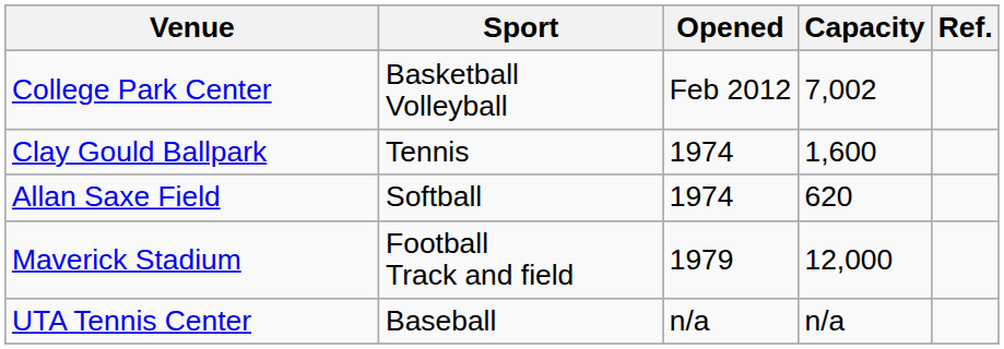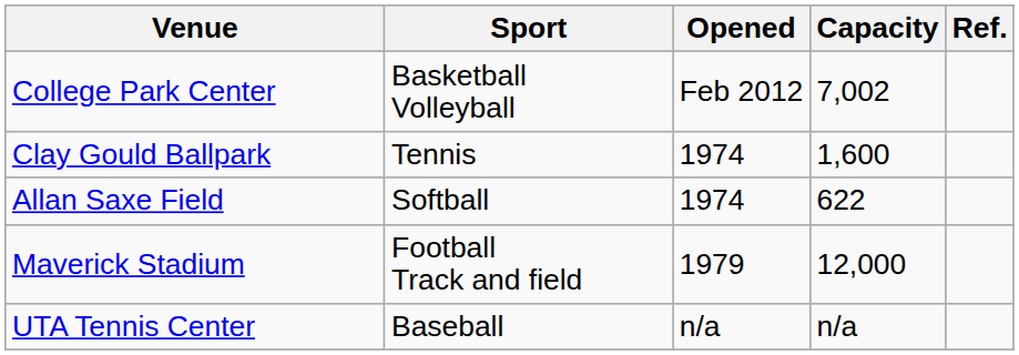 <table class="wikitable sortable"; style= "text-align: ">
 <tr>
 <th width=200px>Venue</th>
 <th width=150px>Sport</th>
 <th width=px>Opened</th>
 <th width=px>Capacity</th>
 <th width=px>Ref.</th>
 </tr>
 <tr>
 <td><a href='#'>College Park Center</a></td>
 <td>Basketball <br>Volleyball </td>
 <td>Feb 2012</td>
 <td>7,002</td>
 <td></td>
 </tr>
 <tr>
 <td><a href='#'>Clay Gould Ballpark</a> </td>
 <td>Tennis</td>
 <td>1974</td>
 <td>1,600</td>
 <td></td>
 </tr>
 <tr>
 <td><a href='#'>Allan Saxe Field</a></td>
 <td>Softball</td>
 <td>1974</td>
-<td>620</td>
+<td>622</td>
 <td></td>
 </tr>
 <tr>
 <td><a href='#'>Maverick Stadium</a></td>
 <td>Football <br> Track and field </td>
 <td>1979</td>
 <td>12,000</td>
 <td></td>
 </tr>
 <tr>
 <td><a href='#'>UTA Tennis Center</a></td>
 <td>Baseball</td>
 <td>n/a</td>
 <td>n/a</td>
 <td></td>
 </tr>
 </table>
